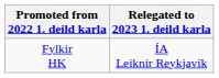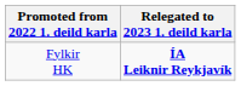 <table class="wikitable">
 <tr>
 <th>Promoted from<br><a href='#'>2022 1. deild karla</a></th>
 <th>Relegated to<br><a href='#'>2023 1. deild karla</a></th>
 </tr>
 <tr>
 <td align=center><a href='#'>Fylkir</a><br><a href='#'>HK</a></td>
-<td align=center><a href='#'>ÍA</a><br><a href='#'>Leiknir Reykjavík</a></td>
+<td align=center><strong><a href='#'>ÍA</a><br><a href='#'>Leiknir Reykjavík</a></strong></td>
 </tr>
 </table>
